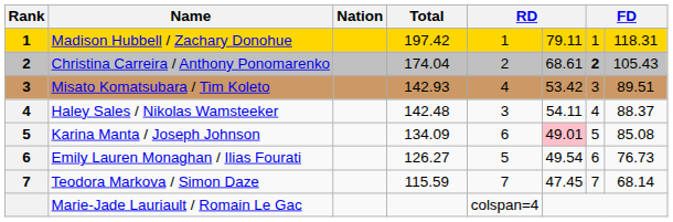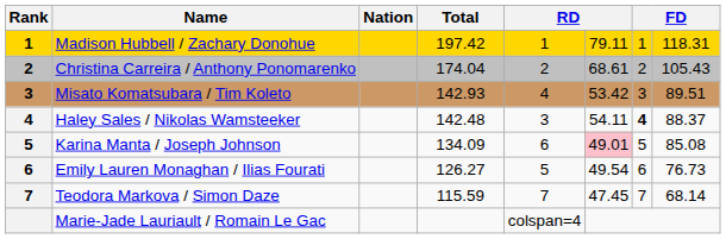 <table class="wikitable sortable">
 <tr>
 <th>Rank</th>
 <th>Name</th>
 <th>Nation</th>
 <th width="80px">Total</th>
 <th colspan="2" width="80px"><a href='#'>RD</a></th>
 <th colspan="2" width="80px"><a href='#'>FD</a></th>
 </tr>
 <tr bgcolor="gold">
 <td align="center"><strong>1</strong></td>
 <td><a href='#'>Madison Hubbell</a> / <a href='#'>Zachary Donohue</a></td>
 <td></td>
 <td align="center">197.42</td>
 <td align="center">1</td>
 <td align="center">79.11</td>
 <td align="center">1</td>
 <td align="center">118.31</td>
 </tr>
 <tr bgcolor="silver">
 <td align="center"><strong>2</strong></td>
 <td><a href='#'>Christina Carreira</a> / <a href='#'>Anthony Ponomarenko</a></td>
 <td></td>
 <td align="center">174.04</td>
 <td align="center">2</td>
 <td align="center">68.61</td>
-<td align="center"><strong>2</strong></td>
+<td align="center">2</td>
 <td align="center">105.43</td>
 </tr>
 <tr bgcolor="cc9966">
 <td align="center"><strong>3</strong></td>
 <td><a href='#'>Misato Komatsubara</a> / <a href='#'>Tim Koleto</a></td>
 <td></td>
 <td align="center">142.93</td>
 <td align="center">4</td>
 <td align="center">53.42</td>
 <td align="center">3</td>
 <td align="center">89.51</td>
 </tr>
 <tr>
 <th>4</th>
 <td><a href='#'>Haley Sales</a> / <a href='#'>Nikolas Wamsteeker</a></td>
 <td></td>
 <td align="center">142.48</td>
 <td align="center">3</td>
 <td align="center">54.11</td>
-<td align="center">4</td>
+<td align="center"><strong>4</strong></td>
 <td align="center">88.37</td>
 </tr>
 <tr>
 <th>5</th>
 <td><a href='#'>Karina Manta</a> / <a href='#'>Joseph Johnson</a></td>
 <td></td>
 <td align="center">134.09</td>
 <td align="center">6</td>
 <td align="center" style="background: pink;">49.01</td>
 <td align="center">5</td>
 <td align="center">85.08</td>
 </tr>
 <tr>
 <th>6</th>
 <td><a href='#'>Emily Lauren Monaghan</a> / <a href='#'>Ilias Fourati</a></td>
 <td></td>
 <td align="center">126.27</td>
 <td align="center">5</td>
 <td align="center">49.54</td>
 <td align="center">6</td>
 <td align="center">76.73</td>
 </tr>
 <tr>
 <th>7</th>
 <td><a href='#'>Teodora Markova</a> / <a href='#'>Simon Daze</a></td>
 <td></td>
 <td align="center">115.59</td>
 <td align="center">7</td>
 <td align="center">47.45</td>
 <td align="center">7</td>
 <td align="center">68.14</td>
 </tr>
 <tr>
 <th></th>
 <td><a href='#'>Marie-Jade Lauriault</a> / <a href='#'>Romain Le Gac</a></td>
 <td></td>
 <td></td>
 <td>colspan=4 </td>
 </tr>
 </table>
